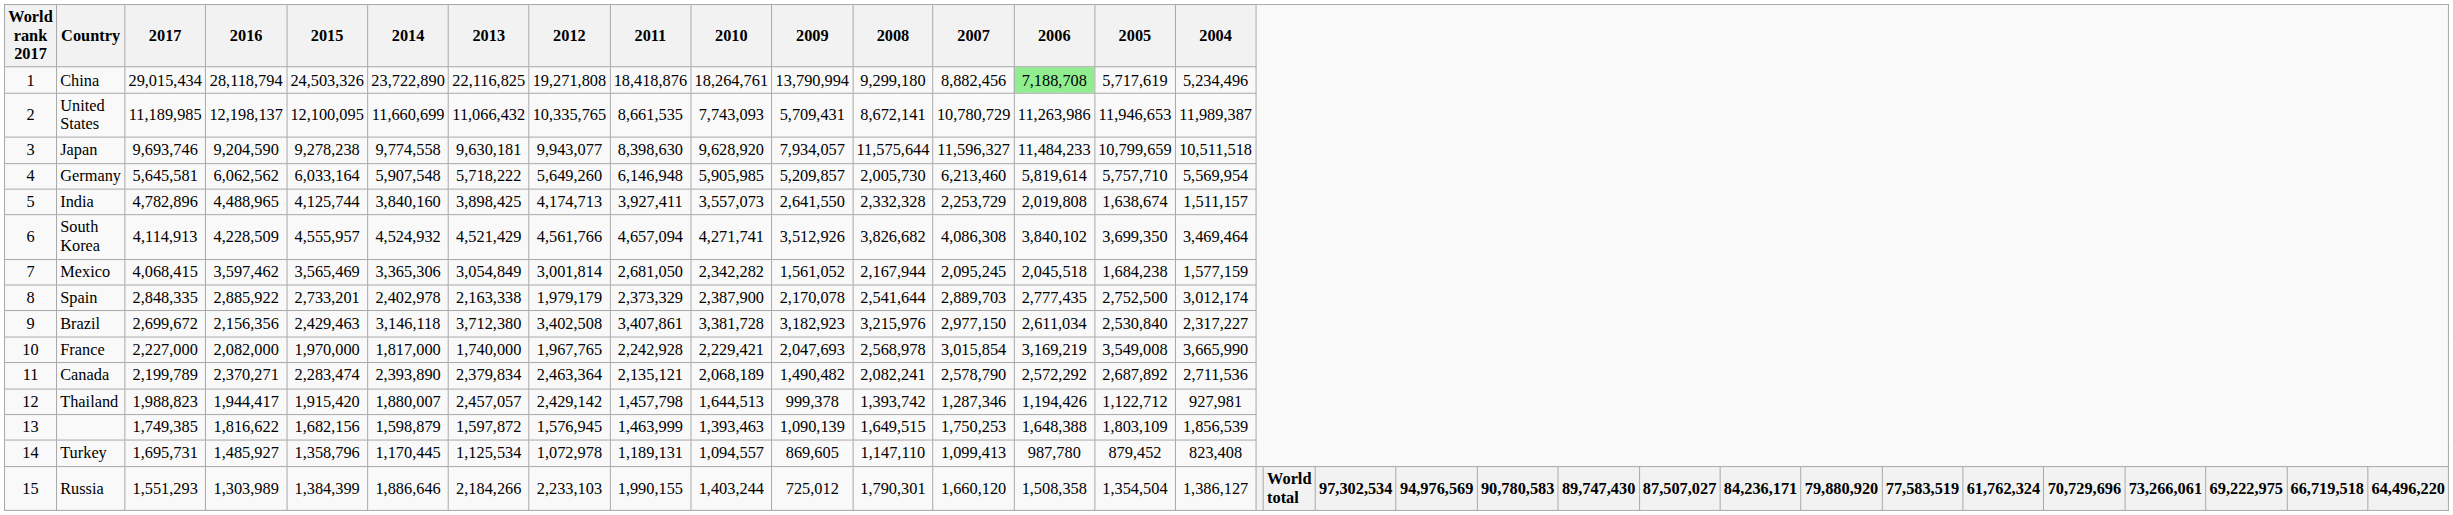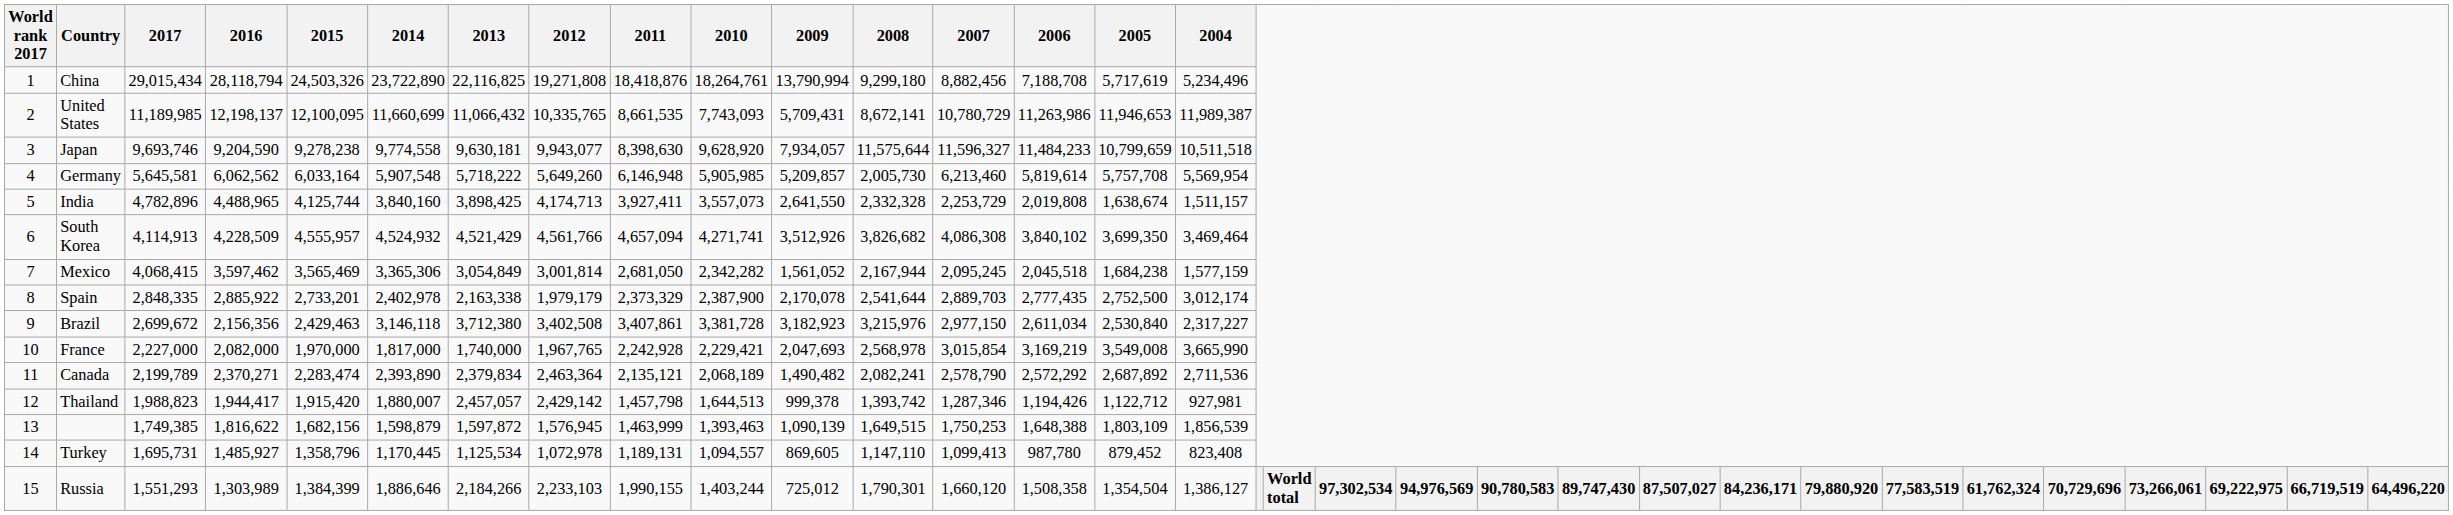 <table class="wikitable sortable" style="margin: 1em auto 1em auto">
 <tr>
 <th>World<br>rank<br>2017</th>
 <th>Country</th>
 <th>2017</th>
 <th>2016</th>
 <th>2015</th>
 <th>2014</th>
 <th>2013</th>
 <th>2012</th>
 <th>2011</th>
 <th>2010</th>
 <th>2009</th>
 <th>2008</th>
 <th>2007</th>
 <th>2006</th>
 <th>2005</th>
 <th>2004</th>
 </tr>
 <tr style="text-align:center;">
 <td>1</td>
 <td style="text-align:left;">China</td>
 <td>29,015,434</td>
 <td>28,118,794</td>
 <td>24,503,326</td>
 <td>23,722,890</td>
 <td>22,116,825</td>
 <td>19,271,808</td>
 <td>18,418,876</td>
 <td>18,264,761</td>
 <td>13,790,994</td>
 <td>9,299,180</td>
 <td>8,882,456</td>
-<td style="background: lightgreen;">7,188,708</td>
+<td>7,188,708</td>
 <td>5,717,619</td>
 <td>5,234,496</td>
 </tr>
 <tr style="text-align:center;">
 <td>2</td>
 <td style="text-align:left;">United States</td>
 <td>11,189,985</td>
 <td>12,198,137</td>
 <td>12,100,095</td>
 <td>11,660,699</td>
 <td>11,066,432</td>
 <td>10,335,765</td>
 <td>8,661,535</td>
 <td>7,743,093</td>
 <td>5,709,431</td>
 <td>8,672,141</td>
 <td>10,780,729</td>
 <td>11,263,986</td>
 <td>11,946,653</td>
 <td>11,989,387</td>
 </tr>
 <tr style="text-align:center;">
 <td>3</td>
 <td style="text-align:left;">Japan</td>
 <td>9,693,746</td>
 <td>9,204,590</td>
 <td>9,278,238</td>
 <td>9,774,558</td>
 <td>9,630,181</td>
 <td>9,943,077</td>
 <td>8,398,630</td>
 <td>9,628,920</td>
 <td>7,934,057</td>
 <td>11,575,644</td>
 <td>11,596,327</td>
 <td>11,484,233</td>
 <td>10,799,659</td>
 <td>10,511,518</td>
 </tr>
 <tr style="text-align:center;">
 <td>4</td>
 <td style="text-align:left;">Germany</td>
 <td>5,645,581</td>
 <td>6,062,562</td>
 <td>6,033,164</td>
 <td>5,907,548</td>
 <td>5,718,222</td>
 <td>5,649,260</td>
 <td>6,146,948</td>
 <td>5,905,985</td>
 <td>5,209,857</td>
 <td>2,005,730</td>
 <td>6,213,460</td>
 <td>5,819,614</td>
-<td>5,757,710</td>
+<td>5,757,708</td>
 <td>5,569,954</td>
 </tr>
 <tr style="text-align:center;">
 <td>5</td>
 <td style="text-align:left;">India</td>
 <td>4,782,896</td>
 <td>4,488,965</td>
 <td>4,125,744</td>
 <td>3,840,160</td>
 <td>3,898,425</td>
 <td>4,174,713</td>
 <td>3,927,411</td>
 <td>3,557,073</td>
 <td>2,641,550</td>
 <td>2,332,328</td>
 <td>2,253,729</td>
 <td>2,019,808</td>
 <td>1,638,674</td>
 <td>1,511,157</td>
 </tr>
 <tr style="text-align:center;">
 <td>6</td>
 <td style="text-align:left;">South Korea</td>
 <td>4,114,913</td>
 <td>4,228,509</td>
 <td>4,555,957</td>
 <td>4,524,932</td>
 <td>4,521,429</td>
 <td>4,561,766</td>
 <td>4,657,094</td>
 <td>4,271,741</td>
 <td>3,512,926</td>
 <td>3,826,682</td>
 <td>4,086,308</td>
 <td>3,840,102</td>
 <td>3,699,350</td>
 <td>3,469,464</td>
 </tr>
 <tr style="text-align:center;">
 <td>7</td>
 <td style="text-align:left;">Mexico</td>
 <td>4,068,415</td>
 <td>3,597,462</td>
 <td>3,565,469</td>
 <td>3,365,306</td>
 <td>3,054,849</td>
 <td>3,001,814</td>
 <td>2,681,050</td>
 <td>2,342,282</td>
 <td>1,561,052</td>
 <td>2,167,944</td>
 <td>2,095,245</td>
 <td>2,045,518</td>
 <td>1,684,238</td>
 <td>1,577,159</td>
 </tr>
 <tr style="text-align:center;">
 <td>8</td>
 <td style="text-align:left;">Spain</td>
 <td>2,848,335</td>
 <td>2,885,922</td>
 <td>2,733,201</td>
 <td>2,402,978</td>
 <td>2,163,338</td>
 <td>1,979,179</td>
 <td>2,373,329</td>
 <td>2,387,900</td>
 <td>2,170,078</td>
 <td>2,541,644</td>
 <td>2,889,703</td>
 <td>2,777,435</td>
 <td>2,752,500</td>
 <td>3,012,174</td>
 </tr>
 <tr style="text-align:center;">
 <td>9</td>
 <td style="text-align:left;">Brazil</td>
 <td>2,699,672</td>
 <td>2,156,356</td>
 <td>2,429,463</td>
 <td>3,146,118</td>
 <td>3,712,380</td>
 <td>3,402,508</td>
 <td>3,407,861</td>
 <td>3,381,728</td>
 <td>3,182,923</td>
 <td>3,215,976</td>
 <td>2,977,150</td>
 <td>2,611,034</td>
 <td>2,530,840</td>
 <td>2,317,227</td>
 </tr>
 <tr style="text-align:center;">
 <td>10</td>
 <td style="text-align:left;">France</td>
 <td>2,227,000</td>
 <td>2,082,000</td>
 <td>1,970,000</td>
 <td>1,817,000</td>
 <td>1,740,000</td>
 <td>1,967,765</td>
 <td>2,242,928</td>
 <td>2,229,421</td>
 <td>2,047,693</td>
 <td>2,568,978</td>
 <td>3,015,854</td>
 <td>3,169,219</td>
 <td>3,549,008</td>
 <td>3,665,990</td>
 </tr>
 <tr style="text-align:center;">
 <td>11</td>
 <td style="text-align:left;">Canada</td>
 <td>2,199,789</td>
 <td>2,370,271</td>
 <td>2,283,474</td>
 <td>2,393,890</td>
 <td>2,379,834</td>
 <td>2,463,364</td>
 <td>2,135,121</td>
 <td>2,068,189</td>
 <td>1,490,482</td>
 <td>2,082,241</td>
 <td>2,578,790</td>
 <td>2,572,292</td>
 <td>2,687,892</td>
 <td>2,711,536</td>
 </tr>
 <tr style="text-align:center;">
 <td>12</td>
 <td style="text-align:left;">Thailand</td>
 <td>1,988,823</td>
 <td>1,944,417</td>
 <td>1,915,420</td>
 <td>1,880,007</td>
 <td>2,457,057</td>
 <td>2,429,142</td>
 <td>1,457,798</td>
 <td>1,644,513</td>
 <td>999,378</td>
 <td>1,393,742</td>
 <td>1,287,346</td>
 <td>1,194,426</td>
 <td>1,122,712</td>
 <td>927,981</td>
 </tr>
 <tr style="text-align:center;">
 <td>13</td>
 <td style="text-align:left;"></td>
 <td>1,749,385</td>
 <td>1,816,622</td>
 <td>1,682,156</td>
 <td>1,598,879</td>
 <td>1,597,872</td>
 <td>1,576,945</td>
 <td>1,463,999</td>
 <td>1,393,463</td>
 <td>1,090,139</td>
 <td>1,649,515</td>
 <td>1,750,253</td>
 <td>1,648,388</td>
 <td>1,803,109</td>
 <td>1,856,539</td>
 </tr>
 <tr style="text-align:center;">
 <td>14</td>
 <td style="text-align:left;">Turkey</td>
 <td>1,695,731</td>
 <td>1,485,927</td>
 <td>1,358,796</td>
 <td>1,170,445</td>
 <td>1,125,534</td>
 <td>1,072,978</td>
 <td>1,189,131</td>
 <td>1,094,557</td>
 <td>869,605</td>
 <td>1,147,110</td>
 <td>1,099,413</td>
 <td>987,780</td>
 <td>879,452</td>
 <td>823,408</td>
 </tr>
 <tr style="text-align:center;">
 <td>15</td>
 <td style="text-align:left;">Russia</td>
 <td>1,551,293</td>
 <td>1,303,989</td>
 <td>1,384,399</td>
 <td>1,886,646</td>
 <td>2,184,266</td>
 <td>2,233,103</td>
 <td>1,990,155</td>
 <td>1,403,244</td>
 <td>725,012</td>
 <td>1,790,301</td>
 <td>1,660,120</td>
 <td>1,508,358</td>
 <td>1,354,504</td>
 <td>1,386,127</td>
 <th></th>
 <th style="text-align:left;">World total</th>
 <th>97,302,534</th>
 <th>94,976,569</th>
 <th>90,780,583</th>
 <th>89,747,430</th>
 <th>87,507,027</th>
 <th>84,236,171</th>
 <th>79,880,920</th>
 <th>77,583,519</th>
 <th>61,762,324</th>
 <th>70,729,696</th>
 <th>73,266,061</th>
 <th>69,222,975</th>
-<th>66,719,518</th>
+<th>66,719,519</th>
 <th>64,496,220</th>
 </tr>
 </table>
